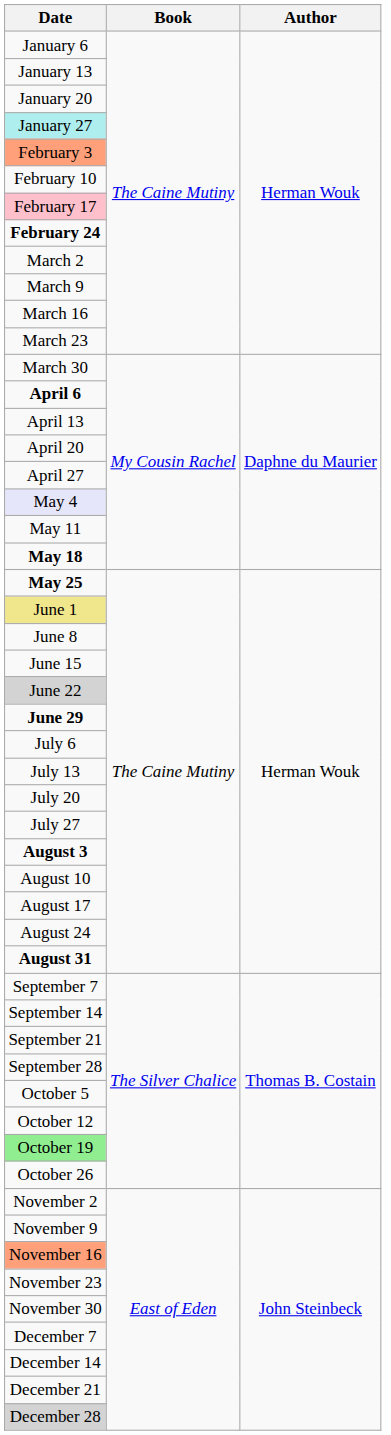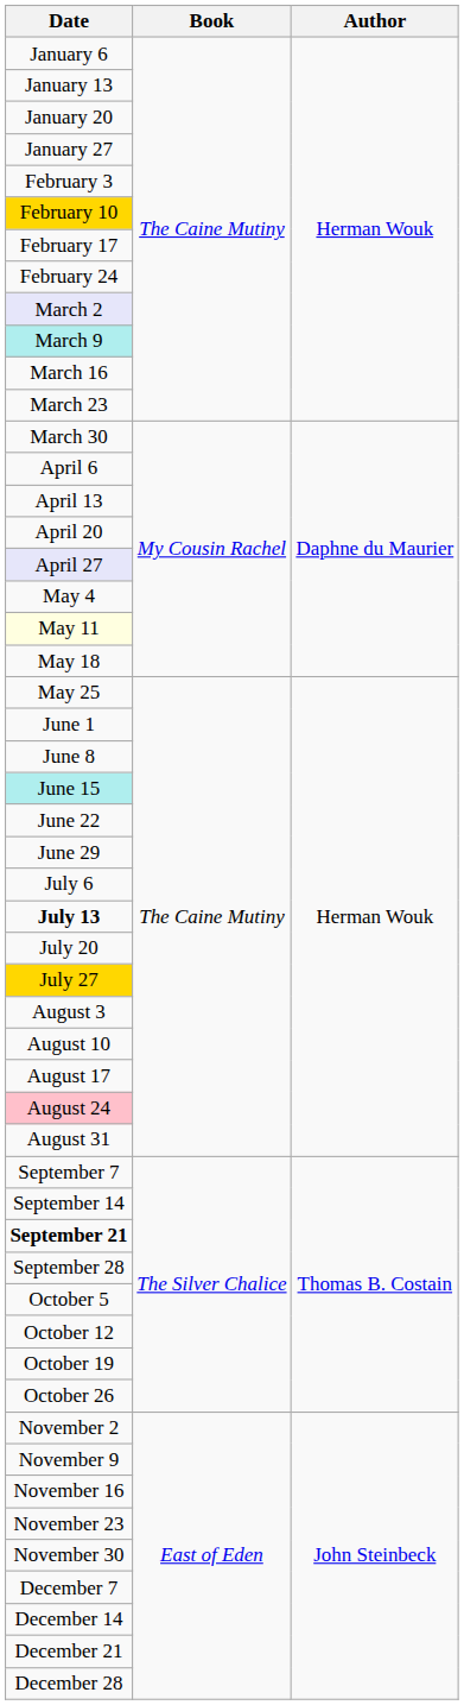 <table class="wikitable sortable" style="text-align: center">
 <tr>
 <th>Date</th>
 <th>Book</th>
 <th>Author</th>
 </tr>
 <tr>
 <td>January 6</td>
 <td rowspan=12><em><a href='#'>The Caine Mutiny</a></em></td>
 <td rowspan=12><a href='#'>Herman Wouk</a></td>
 </tr>
 <tr>
 <td>January 13</td>
 </tr>
 <tr>
 <td>January 20</td>
 </tr>
 <tr>
-<td style="background: paleturquoise;">January 27</td>
+<td>January 27</td>
 </tr>
 <tr>
-<td style="background: lightsalmon;">February 3</td>
+<td>February 3</td>
 </tr>
 <tr>
-<td>February 10</td>
+<td style="background: gold;">February 10</td>
 </tr>
 <tr>
-<td style="background: pink;">February 17</td>
+<td>February 17</td>
 </tr>
 <tr>
-<td><strong>February 24</strong></td>
+<td>February 24</td>
 </tr>
 <tr>
-<td>March 2</td>
+<td style="background: lavender;">March 2</td>
 </tr>
 <tr>
-<td>March 9</td>
+<td style="background: paleturquoise;">March 9</td>
 </tr>
 <tr>
 <td>March 16</td>
 </tr>
 <tr>
 <td>March 23</td>
 </tr>
 <tr>
 <td>March 30</td>
 <td rowspan=8><em><a href='#'>My Cousin Rachel</a></em></td>
 <td rowspan=8><a href='#'>Daphne du Maurier</a></td>
 </tr>
 <tr>
-<td><strong>April 6</strong></td>
+<td>April 6</td>
 </tr>
 <tr>
 <td>April 13</td>
 </tr>
 <tr>
 <td>April 20</td>
 </tr>
 <tr>
-<td>April 27</td>
+<td style="background: lavender;">April 27</td>
 </tr>
 <tr>
-<td style="background: lavender;">May 4</td>
+<td>May 4</td>
 </tr>
 <tr>
-<td>May 11</td>
+<td style="background: lightyellow;">May 11</td>
 </tr>
 <tr>
-<td><strong>May 18</strong></td>
+<td>May 18</td>
 </tr>
 <tr>
-<td><strong>May 25</strong></td>
+<td>May 25</td>
 <td rowspan=15><em>The Caine Mutiny</em></td>
 <td rowspan=15>Herman Wouk</td>
 </tr>
 <tr>
-<td style="background: khaki;">June 1</td>
+<td>June 1</td>
 </tr>
 <tr>
 <td>June 8</td>
 </tr>
 <tr>
-<td>June 15</td>
+<td style="background: paleturquoise;">June 15</td>
 </tr>
 <tr>
-<td style="background: lightgrey;">June 22</td>
+<td>June 22</td>
 </tr>
 <tr>
-<td><strong>June 29</strong></td>
+<td>June 29</td>
 </tr>
 <tr>
 <td>July 6</td>
 </tr>
 <tr>
-<td>July 13</td>
+<td><strong>July 13</strong></td>
 </tr>
 <tr>
 <td>July 20</td>
 </tr>
 <tr>
-<td>July 27</td>
+<td style="background: gold;">July 27</td>
 </tr>
 <tr>
-<td><strong>August 3</strong></td>
+<td>August 3</td>
 </tr>
 <tr>
 <td>August 10</td>
 </tr>
 <tr>
 <td>August 17</td>
 </tr>
 <tr>
-<td>August 24</td>
+<td style="background: pink;">August 24</td>
 </tr>
 <tr>
-<td><strong>August 31</strong></td>
+<td>August 31</td>
 </tr>
 <tr>
 <td>September 7</td>
 <td rowspan=8><em><a href='#'>The Silver Chalice</a></em></td>
 <td rowspan=8><a href='#'>Thomas B. Costain</a></td>
 </tr>
 <tr>
 <td>September 14</td>
 </tr>
 <tr>
-<td>September 21</td>
+<td><strong>September 21</strong></td>
 </tr>
 <tr>
 <td>September 28</td>
 </tr>
 <tr>
 <td>October 5</td>
 </tr>
 <tr>
 <td>October 12</td>
 </tr>
 <tr>
-<td style="background: lightgreen;">October 19</td>
+<td>October 19</td>
 </tr>
 <tr>
 <td>October 26</td>
 </tr>
 <tr>
 <td>November 2</td>
 <td rowspan=9><em><a href='#'>East of Eden</a></em></td>
 <td rowspan=9><a href='#'>John Steinbeck</a></td>
 </tr>
 <tr>
 <td>November 9</td>
 </tr>
 <tr>
-<td style="background: lightsalmon;">November 16</td>
+<td>November 16</td>
 </tr>
 <tr>
 <td>November 23</td>
 </tr>
 <tr>
 <td>November 30</td>
 </tr>
 <tr>
 <td>December 7</td>
 </tr>
 <tr>
 <td>December 14</td>
 </tr>
 <tr>
 <td>December 21</td>
 </tr>
 <tr>
-<td style="background: lightgrey;">December 28</td>
+<td>December 28</td>
 </tr>
 </table>
